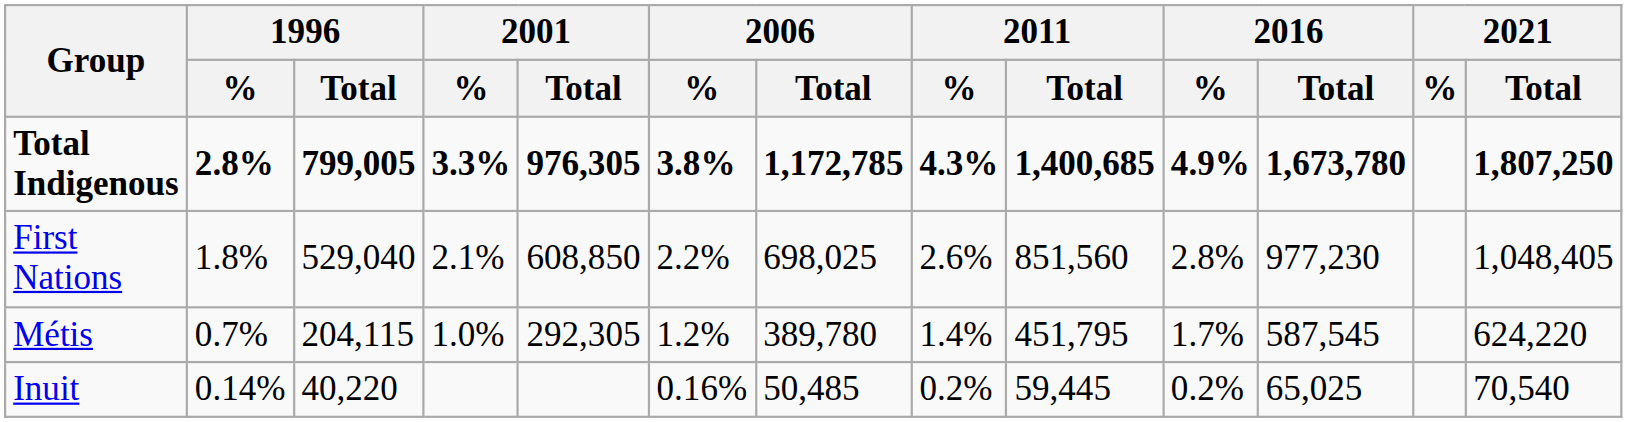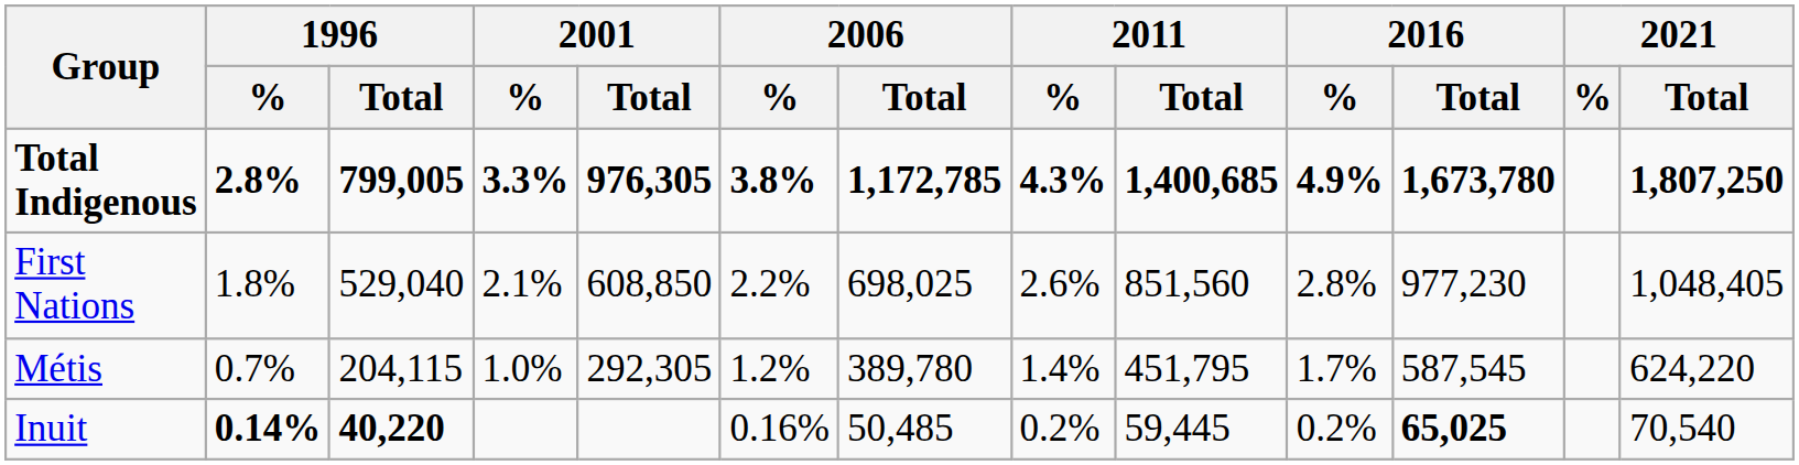 <table class="wikitable sortable sticky-header" style=text-align:left;">
 <tr>
 <th rowspan="2">Group</th>
 <th colspan="2">1996</th>
 <th colspan="2">2001</th>
 <th colspan="2">2006</th>
 <th colspan="2">2011</th>
 <th colspan="2">2016</th>
 <th colspan="2">2021</th>
 </tr>
 <tr style="background:#e0e0e0;">
 <th>%</th>
 <th>Total</th>
 <th>%</th>
 <th>Total</th>
 <th>%</th>
 <th>Total</th>
 <th>%</th>
 <th>Total</th>
 <th>%</th>
 <th>Total</th>
 <th>%</th>
 <th>Total</th>
 </tr>
 <tr>
 <td align="left"><strong>Total Indigenous</strong></td>
 <td><strong>2.8%</strong></td>
 <td><strong>799,005</strong></td>
 <td><strong>3.3%</strong></td>
 <td><strong>976,305</strong></td>
 <td><strong>3.8%</strong></td>
 <td><strong>1,172,785</strong></td>
 <td><strong>4.3%</strong></td>
 <td><strong>1,400,685</strong></td>
 <td><strong>4.9%</strong></td>
 <td><strong>1,673,780</strong></td>
 <td><strong></strong></td>
 <td><strong>1,807,250</strong></td>
 </tr>
 <tr>
 <td align="left"><a href='#'>First Nations</a></td>
 <td>1.8%</td>
 <td>529,040</td>
 <td>2.1%</td>
 <td>608,850</td>
 <td>2.2%</td>
 <td>698,025</td>
 <td>2.6%</td>
 <td>851,560</td>
 <td>2.8%</td>
 <td>977,230</td>
 <td></td>
 <td>1,048,405</td>
 </tr>
 <tr>
 <td align="left"><a href='#'>Métis</a></td>
 <td>0.7%</td>
 <td>204,115</td>
 <td>1.0%</td>
 <td>292,305</td>
 <td>1.2%</td>
 <td>389,780</td>
 <td>1.4%</td>
 <td>451,795</td>
 <td>1.7%</td>
 <td>587,545</td>
 <td></td>
 <td>624,220</td>
 </tr>
 <tr>
 <td align="left"><a href='#'>Inuit</a></td>
-<td>0.14%</td>
-<td>40,220</td>
+<td><strong>0.14%</strong></td>
+<td><strong>40,220</strong></td>
 <td></td>
 <td></td>
 <td>0.16%</td>
 <td>50,485</td>
 <td>0.2%</td>
 <td>59,445</td>
 <td>0.2%</td>
-<td>65,025</td>
+<td><strong>65,025</strong></td>
 <td></td>
 <td>70,540</td>
 </tr>
 </table>
